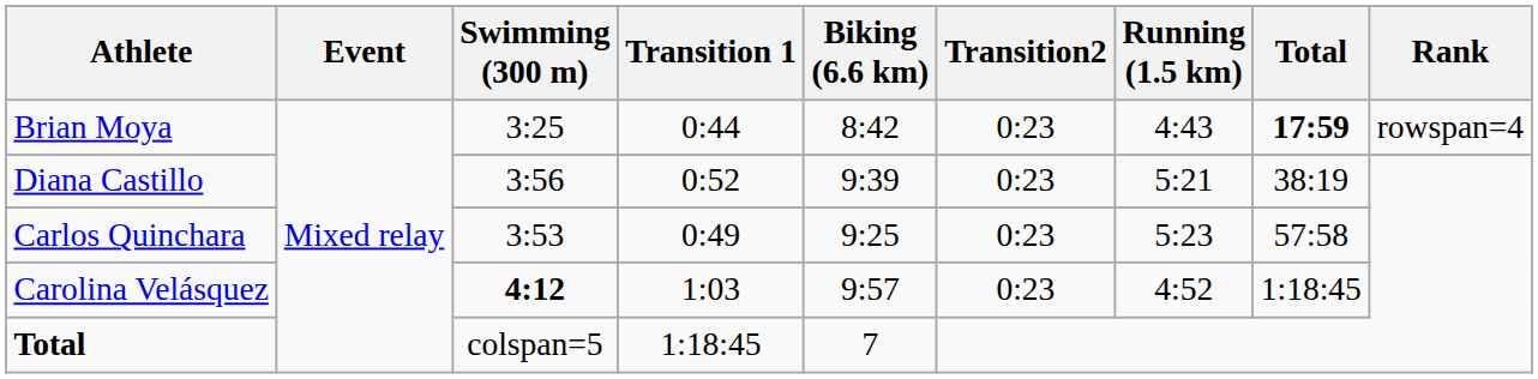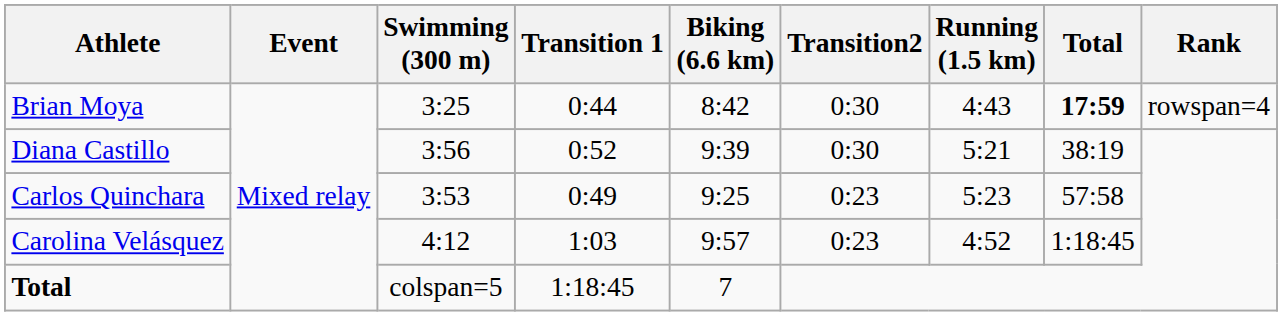 <table class=wikitable style=font-size:90%;text-align:center>
 <tr>
 <th>Athlete</th>
 <th>Event</th>
 <th>Swimming<br><span>(300 m)</span></th>
 <th>Transition 1</th>
 <th>Biking<br><span>(6.6 km)</span></th>
 <th>Transition2</th>
 <th>Running<br><span>(1.5 km)</span></th>
 <th>Total</th>
 <th>Rank</th>
 </tr>
 <tr>
 <td align=left><a href='#'>Brian Moya</a></td>
 <td align=left rowspan=5><a href='#'>Mixed relay</a></td>
 <td>3:25</td>
 <td>0:44</td>
 <td>8:42</td>
-<td>0:23</td>
+<td>0:30</td>
 <td>4:43</td>
 <td><strong>17:59</strong></td>
 <td>rowspan=4 </td>
 </tr>
 <tr>
 <td align=left><a href='#'>Diana Castillo</a></td>
 <td>3:56</td>
 <td>0:52</td>
 <td>9:39</td>
-<td>0:23</td>
+<td>0:30</td>
 <td>5:21</td>
 <td>38:19</td>
 </tr>
 <tr>
 <td align=left><a href='#'>Carlos Quinchara</a></td>
 <td>3:53</td>
 <td>0:49</td>
 <td>9:25</td>
 <td>0:23</td>
 <td>5:23</td>
 <td>57:58</td>
 </tr>
 <tr>
 <td align=left><a href='#'>Carolina Velásquez</a></td>
-<td><strong>4:12</strong></td>
+<td>4:12</td>
 <td>1:03</td>
 <td>9:57</td>
 <td>0:23</td>
 <td>4:52</td>
 <td>1:18:45</td>
 </tr>
 <tr>
 <td align=left><strong>Total</strong></td>
 <td>colspan=5 </td>
 <td>1:18:45</td>
 <td>7</td>
 </tr>
 </table>
